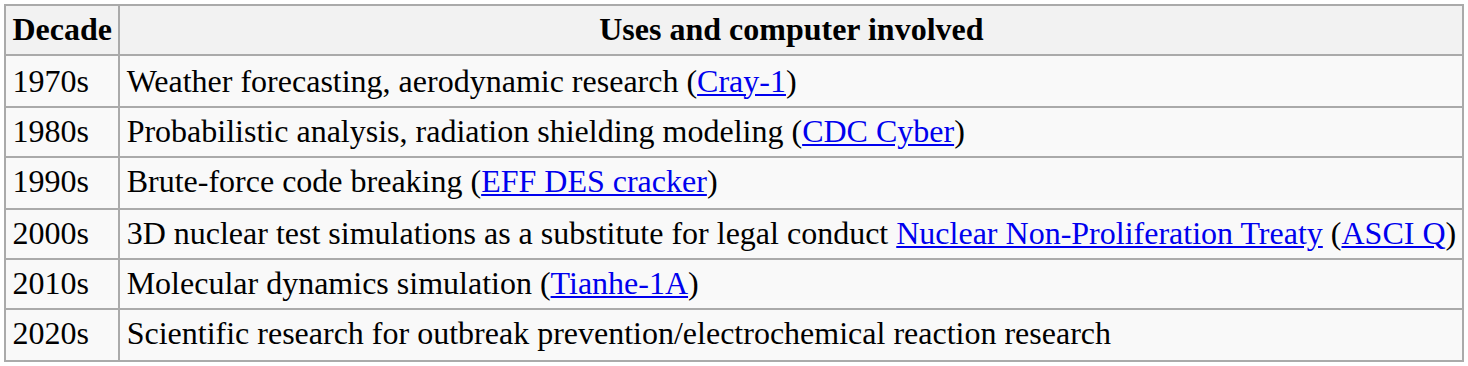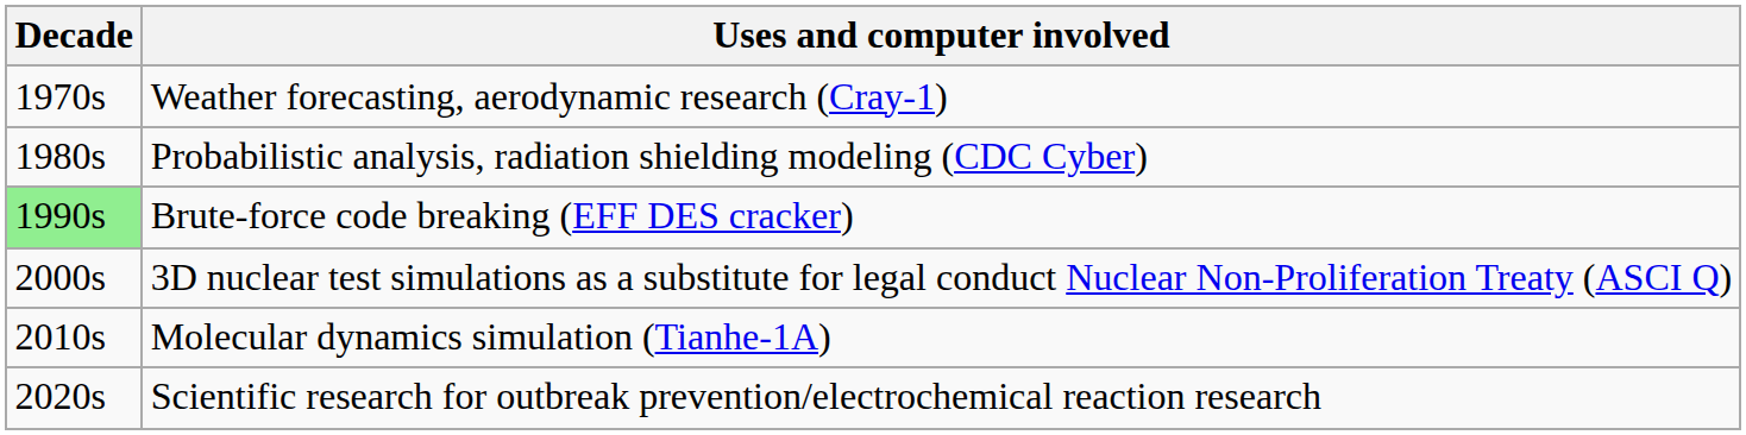 <table class="wikitable">
 <tr>
 <th>Decade</th>
 <th>Uses and computer involved</th>
 </tr>
 <tr>
 <td>1970s</td>
 <td>Weather forecasting, aerodynamic research (<a href='#'>Cray-1</a>)</td>
 </tr>
 <tr>
 <td>1980s</td>
 <td>Probabilistic analysis, radiation shielding modeling (<a href='#'>CDC Cyber</a>)</td>
 </tr>
 <tr>
-<td>1990s</td>
+<td style="background: lightgreen;">1990s</td>
 <td>Brute-force code breaking (<a href='#'>EFF DES cracker</a>)</td>
 </tr>
 <tr>
 <td>2000s</td>
 <td>3D nuclear test simulations as a substitute for legal conduct <a href='#'>Nuclear Non-Proliferation Treaty</a> (<a href='#'>ASCI Q</a>)</td>
 </tr>
 <tr>
 <td>2010s</td>
 <td>Molecular dynamics simulation (<a href='#'>Tianhe-1A</a>)</td>
 </tr>
 <tr>
 <td>2020s</td>
 <td>Scientific research for outbreak prevention/electrochemical reaction research</td>
 </tr>
 </table>
